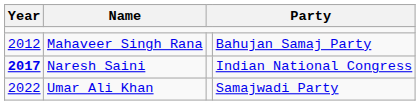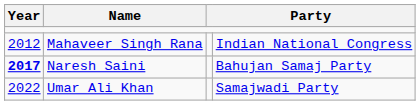 <table class="wikitable">
 <tr>
 <th>Year</th>
 <th>Name</th>
 <th colspan="2">Party</th>
 </tr>
 <tr>
 <td colspan="4"></td>
 </tr>
 <tr>
 <td><a href='#'>2012</a></td>
 <td><a href='#'>Mahaveer Singh Rana</a></td>
 <td style="background-color: "></td>
-<td><a href='#'>Bahujan Samaj Party</a></td>
+<td><a href='#'>Indian National Congress</a></td>
 </tr>
 <tr>
 <td><strong><a href='#'>2017</a></strong></td>
 <td><a href='#'>Naresh Saini</a></td>
 <td style="background-color: "></td>
-<td><a href='#'>Indian National Congress</a></td>
+<td><a href='#'>Bahujan Samaj Party</a></td>
 </tr>
 <tr>
 <td><a href='#'>2022</a></td>
 <td><a href='#'>Umar Ali Khan</a></td>
 <td style="background-color: "></td>
 <td><a href='#'>Samajwadi Party</a></td>
 </tr>
 </table>
